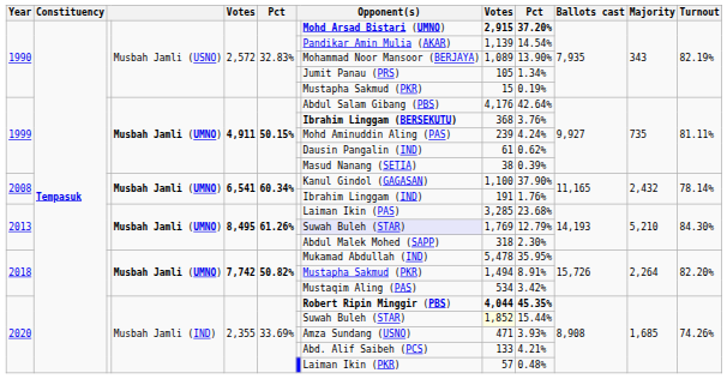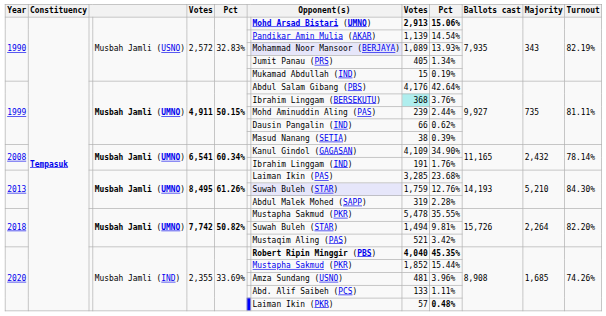 <table class="wikitable" style="margin:0.5em ; font-size:95%">
 <tr>
 <th>Year</th>
 <th>Constituency</th>
 <th colspan=2></th>
 <th>Votes</th>
 <th>Pct</th>
 <th colspan=2>Opponent(s)</th>
 <th>Votes</th>
 <th>Pct</th>
 <th>Ballots cast</th>
 <th>Majority</th>
 <th>Turnout</th>
 </tr>
 <tr>
 <td rowspan=5><a href='#'>1990</a></td>
 <td rowspan="23"><strong><a href='#'>Tempasuk</a></strong></td>
 <td rowspan=5></td>
 <td rowspan=5>Musbah Jamli (<a href='#'>USNO</a>)</td>
 <td rowspan=5 align="right">2,572</td>
 <td rowspan=5>32.83%</td>
 <td></td>
 <td><strong><a href='#'>Mohd Arsad Bistari</a></strong> (<a href='#'><strong>UMNO</strong></a>)</td>
-<td align="right"><strong>2,915</strong></td>
-<td><strong>37.20%</strong></td>
+<td align="right"><strong>2,913</strong></td>
+<td><strong>15.06%</strong></td>
 <td rowspan=5>7,935</td>
 <td rowspan=5>343</td>
 <td rowspan=5>82.19%</td>
 </tr>
 <tr>
 <td></td>
 <td><a href='#'>Pandikar Amin Mulia</a> (<a href='#'>AKAR</a>)</td>
 <td align="right">1,139</td>
 <td>14.54%</td>
 </tr>
 <tr>
 <td></td>
-<td>Mohammad Noor Mansoor (<a href='#'>BERJAYA</a>)</td>
+<td style="background: lavender;">Mohammad Noor Mansoor (<a href='#'>BERJAYA</a>)</td>
 <td align="right">1,089</td>
-<td>13.90%</td>
+<td>13.93%</td>
 </tr>
 <tr>
 <td></td>
 <td>Jumit Panau (<a href='#'>PRS</a>)</td>
-<td align="right">105</td>
+<td align="right">405</td>
 <td>1.34%</td>
 </tr>
 <tr>
 <td></td>
-<td>Mustapha Sakmud (<a href='#'>PKR</a>)</td>
+<td>Mukamad Abdullah (<a href='#'>IND</a>)</td>
 <td align="right">15</td>
 <td>0.19%</td>
 </tr>
 <tr>
 <td rowspan=5><a href='#'>1999</a></td>
 <td rowspan=5 ></td>
 <td rowspan=5><strong>Musbah Jamli</strong> (<a href='#'><strong>UMNO</strong></a>)</td>
 <td rowspan=5 align="right"><strong>4,911</strong></td>
 <td rowspan=5><strong>50.15%</strong></td>
 <td></td>
 <td>Abdul Salam Gibang (<a href='#'>PBS</a>)</td>
 <td align="right">4,176</td>
 <td>42.64%</td>
 <td rowspan=5>9,927</td>
 <td rowspan=5>735</td>
 <td rowspan=5>81.11%</td>
 </tr>
 <tr>
 <td></td>
-<td><strong>Ibrahim Linggam (<a href='#'>BERSEKUTU</a>)</strong></td>
-<td align="right">368</td>
+<td>Ibrahim Linggam (<a href='#'>BERSEKUTU</a>)</td>
+<td align="right" style="background: paleturquoise;">368</td>
 <td>3.76%</td>
 </tr>
 <tr>
 <td></td>
 <td>Mohd Aminuddin Aling (<a href='#'>PAS</a>)</td>
 <td align="right">239</td>
-<td>4.24%</td>
+<td>2.44%</td>
 </tr>
 <tr>
 <td></td>
 <td>Dausin Pangalin (<a href='#'>IND</a>)</td>
-<td align="right">61</td>
+<td align="right">66</td>
 <td>0.62%</td>
 </tr>
 <tr>
 <td></td>
 <td>Masud Nanang (<a href='#'>SETIA</a>)</td>
 <td align="right">38</td>
 <td>0.39%</td>
 </tr>
 <tr>
 <td rowspan=2><a href='#'>2008</a></td>
 <td rowspan=2 ></td>
 <td rowspan=2><strong>Musbah Jamli</strong> (<a href='#'><strong>UMNO</strong></a>)</td>
 <td rowspan=2 align="right"><strong>6,541</strong></td>
 <td rowspan=2><strong>60.34%</strong></td>
 <td></td>
 <td>Kanul Gindol (<a href='#'>GAGASAN</a>)</td>
-<td align="right">1,100</td>
-<td>37.90%</td>
+<td align="right">4,109</td>
+<td>34.90%</td>
 <td rowspan=2>11,165</td>
 <td rowspan=2>2,432</td>
 <td rowspan=2>78.14%</td>
 </tr>
 <tr>
 <td></td>
 <td>Ibrahim Linggam (<a href='#'>IND</a>)</td>
 <td align="right">191</td>
 <td>1.76%</td>
 </tr>
 <tr>
 <td rowspan=3><a href='#'>2013</a></td>
 <td rowspan=3 ></td>
 <td rowspan=3><strong>Musbah Jamli</strong> (<a href='#'><strong>UMNO</strong></a>)</td>
 <td rowspan=3 align="right"><strong>8,495</strong></td>
 <td rowspan=3><strong>61.26%</strong></td>
 <td></td>
 <td>Laiman Ikin (<a href='#'>PAS</a>)</td>
 <td align="right">3,285</td>
 <td>23.68%</td>
 <td rowspan=3>14,193</td>
 <td rowspan=3>5,210</td>
 <td rowspan=3>84.30%</td>
 </tr>
 <tr>
 <td></td>
 <td style="background: lavender;">Suwah Buleh (<a href='#'>STAR</a>)</td>
-<td align="right">1,769</td>
-<td>12.79%</td>
+<td align="right">1,759</td>
+<td>12.76%</td>
 </tr>
 <tr>
 <td></td>
 <td>Abdul Malek Mohed (<a href='#'>SAPP</a>)</td>
-<td align="right">318</td>
-<td>2.30%</td>
+<td align="right">319</td>
+<td>2.28%</td>
 </tr>
 <tr>
 <td rowspan=3><a href='#'>2018</a></td>
 <td rowspan=3 ></td>
 <td rowspan=3><strong>Musbah Jamli</strong> (<a href='#'><strong>UMNO</strong></a>)</td>
 <td rowspan=3 align="right"><strong>7,742</strong></td>
 <td rowspan=3><strong>50.82%</strong></td>
 <td></td>
-<td>Mukamad Abdullah (<a href='#'>IND</a>)</td>
+<td>Mustapha Sakmud (<a href='#'>PKR</a>)</td>
 <td align="right">5,478</td>
-<td>35.95%</td>
+<td>35.55%</td>
 <td rowspan=3>15,726</td>
 <td rowspan=3>2,264</td>
 <td rowspan=3>82.20%</td>
 </tr>
 <tr>
 <td></td>
-<td><a href='#'>Mustapha Sakmud</a> (<a href='#'>PKR</a>)</td>
+<td>Suwah Buleh (<a href='#'>STAR</a>)</td>
 <td align="right">1,494</td>
-<td>8.91%</td>
+<td>9.81%</td>
 </tr>
 <tr>
 <td></td>
 <td>Mustaqim Aling (<a href='#'>PAS</a>)</td>
-<td align="right">534</td>
+<td align="right">521</td>
 <td>3.42%</td>
 </tr>
 <tr>
 <td rowspan=5><a href='#'>2020</a></td>
 <td rowspan=5 ></td>
 <td rowspan=5>Musbah Jamli (<a href='#'>IND</a>)</td>
 <td rowspan=5 align="right">2,355</td>
 <td rowspan=5>33.69%</td>
 <td></td>
 <td><strong>Robert Ripin Minggir</strong> (<a href='#'><strong>PBS</strong></a>)</td>
-<td align="right"><strong>4,044</strong></td>
+<td align="right"><strong>4,040</strong></td>
 <td><strong>45.35%</strong></td>
 <td rowspan=5>8,908</td>
 <td rowspan=5>1,685</td>
 <td rowspan=5>74.26%</td>
 </tr>
 <tr>
 <td></td>
-<td>Suwah Buleh (<a href='#'>STAR</a>)</td>
-<td align="right" style="background: lightyellow;">1,852</td>
+<td><a href='#'>Mustapha Sakmud</a> (<a href='#'>PKR</a>)</td>
+<td align="right">1,852</td>
 <td>15.44%</td>
 </tr>
 <tr>
 <td></td>
 <td>Amza Sundang (<a href='#'>USNO</a>)</td>
-<td align="right">471</td>
-<td>3.93%</td>
+<td align="right">481</td>
+<td>3.96%</td>
 </tr>
 <tr>
 <td></td>
 <td>Abd. Alif Saibeh (<a href='#'>PCS</a>)</td>
 <td align="right">133</td>
-<td>4.21%</td>
+<td>1.11%</td>
 </tr>
 <tr>
 <td bgcolor=blue></td>
 <td>Laiman Ikin (<a href='#'>PKR</a>)</td>
 <td align="right">57</td>
-<td>0.48%</td>
+<td><strong>0.48%</strong></td>
 </tr>
 </table>
